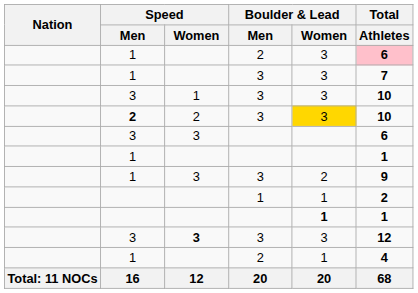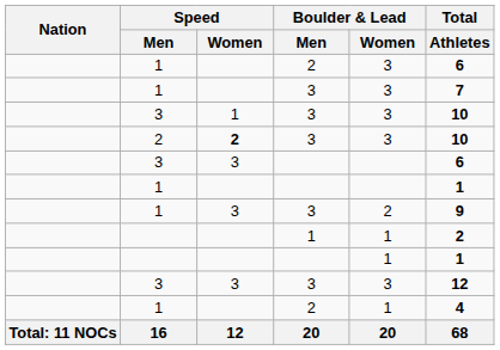 <table class="wikitable sortable" style="text-align:center; font-size:90%">
 <tr>
 <th rowspan="2" align="left">Nation</th>
 <th colspan="2">Speed</th>
 <th colspan="2">Boulder & Lead</th>
 <th>Total</th>
 </tr>
 <tr>
 <th width=65>Men</th>
 <th width=65>Women</th>
 <th width=65>Men</th>
 <th width=65>Women</th>
 <th width=55>Athletes</th>
 </tr>
 <tr>
 <td align=left></td>
 <td>1</td>
 <td></td>
 <td>2</td>
 <td>3</td>
-<td style="background: pink;"><strong>6</strong></td>
+<td><strong>6</strong></td>
 </tr>
 <tr>
 <td align=left></td>
 <td>1</td>
 <td></td>
 <td>3</td>
 <td>3</td>
 <td><strong>7</strong></td>
 </tr>
 <tr>
 <td align=left></td>
 <td>3</td>
 <td>1</td>
 <td>3</td>
 <td>3</td>
 <td><strong>10</strong></td>
 </tr>
 <tr>
 <td align=left></td>
+<td>2</td>
 <td><strong>2</strong></td>
-<td>2</td>
 <td>3</td>
-<td style="background: gold;">3</td>
+<td>3</td>
 <td><strong>10</strong></td>
 </tr>
 <tr>
 <td align=left></td>
 <td>3</td>
 <td>3</td>
 <td></td>
 <td></td>
 <td><strong>6</strong></td>
 </tr>
 <tr>
 <td align=left></td>
 <td>1</td>
 <td></td>
 <td></td>
 <td></td>
 <td><strong>1</strong></td>
 </tr>
 <tr>
 <td align=left></td>
 <td>1</td>
 <td>3</td>
 <td>3</td>
 <td>2</td>
 <td><strong>9</strong></td>
 </tr>
 <tr>
 <td align=left></td>
 <td></td>
 <td></td>
 <td>1</td>
 <td>1</td>
 <td><strong>2</strong></td>
 </tr>
 <tr>
 <td align=left></td>
 <td></td>
 <td></td>
 <td></td>
-<td><strong>1</strong></td>
+<td>1</td>
 <td><strong>1</strong></td>
 </tr>
 <tr>
 <td align=left></td>
 <td>3</td>
-<td><strong>3</strong></td>
+<td>3</td>
 <td>3</td>
 <td>3</td>
 <td><strong>12</strong></td>
 </tr>
 <tr>
 <td align=left></td>
 <td>1</td>
 <td></td>
 <td>2</td>
 <td>1</td>
 <td><strong>4</strong></td>
 </tr>
 <tr>
 <th>Total: 11 NOCs</th>
 <th>16</th>
 <th>12</th>
 <th>20</th>
 <th>20</th>
 <th>68</th>
 </tr>
 </table>
